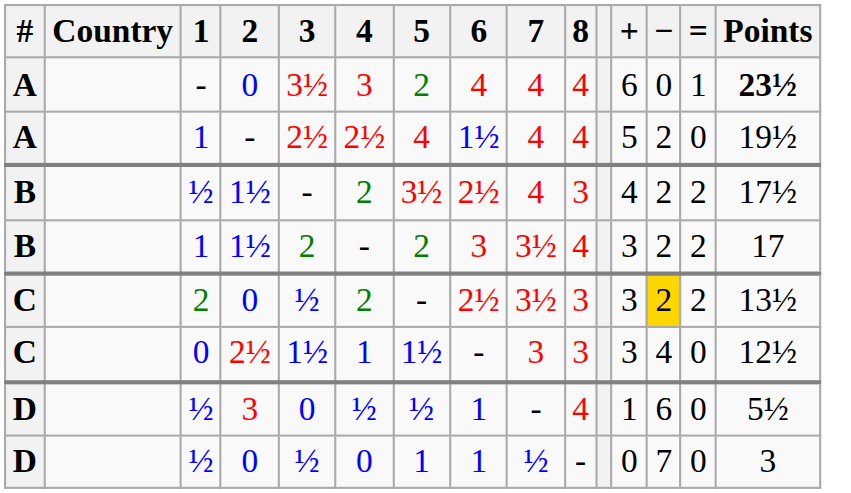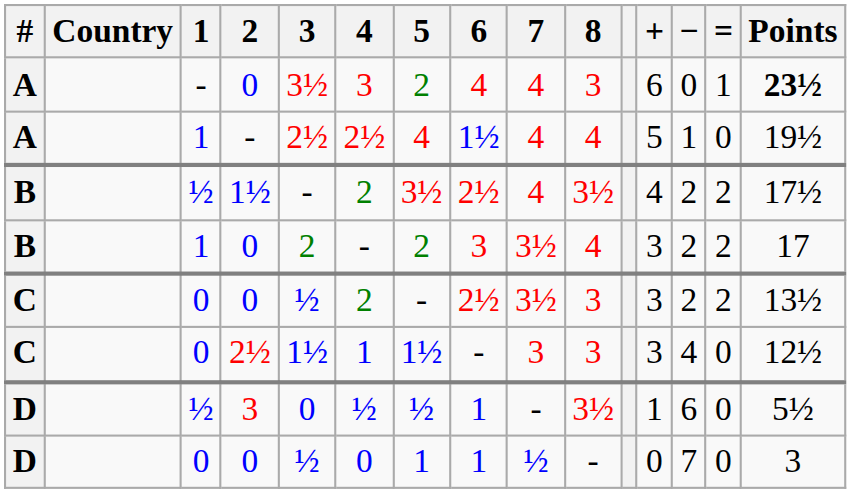 <table class="wikitable" style="text-align:center">
 <tr>
 <th>#</th>
 <th>Country</th>
 <th>1</th>
 <th>2</th>
 <th>3</th>
 <th>4</th>
 <th>5</th>
 <th>6</th>
 <th>7</th>
 <th>8</th>
 <th></th>
 <th>+</th>
 <th>−</th>
 <th>=</th>
 <th>Points</th>
 </tr>
 <tr>
 <th>A</th>
 <td style="text-align: left"></td>
 <td>-</td>
 <td style="color:blue;">0</td>
 <td style="color:red;">3½</td>
 <td style="color:red;">3</td>
 <td style="color:green;">2</td>
 <td style="color:red;">4</td>
 <td style="color:red;">4</td>
-<td style="color:red;">4</td>
+<td style="color:red;">3</td>
 <th></th>
 <td>6</td>
 <td>0</td>
 <td>1</td>
 <td><strong>23½</strong></td>
 </tr>
 <tr>
 <th>A</th>
 <td style="text-align: left"></td>
 <td style="color:blue;">1</td>
 <td>-</td>
 <td style="color:red;">2½</td>
 <td style="color:red;">2½</td>
 <td style="color:red;">4</td>
 <td style="color:blue;">1½</td>
 <td style="color:red;">4</td>
 <td style="color:red;">4</td>
 <th></th>
 <td>5</td>
-<td>2</td>
+<td>1</td>
 <td>0</td>
 <td>19½</td>
 </tr>
 <tr style="border-top:2px solid grey;">
 <th>B</th>
 <td style="text-align: left"></td>
 <td style="color:blue;">½</td>
 <td style="color:blue;">1½</td>
 <td>-</td>
 <td style="color:green;">2</td>
 <td style="color:red;">3½</td>
 <td style="color:red;">2½</td>
 <td style="color:red;">4</td>
-<td style="color:red;">3</td>
+<td style="color:red;">3½</td>
 <th></th>
 <td>4</td>
 <td>2</td>
 <td>2</td>
 <td>17½</td>
 </tr>
 <tr>
 <th>B</th>
 <td style="text-align: left"></td>
 <td style="color:blue;">1</td>
-<td style="color:blue;">1½</td>
+<td style="color:blue;">0</td>
 <td style="color:green;">2</td>
 <td>-</td>
 <td style="color:green;">2</td>
 <td style="color:red;">3</td>
 <td style="color:red;">3½</td>
 <td style="color:red;">4</td>
 <th></th>
 <td>3</td>
 <td>2</td>
 <td>2</td>
 <td>17</td>
 </tr>
 <tr style="border-top:2px solid grey;">
 <th>C</th>
 <td style="text-align: left"></td>
-<td style="color:green;">2</td>
+<td style="color:blue;">0</td>
 <td style="color:blue;">0</td>
 <td style="color:blue;">½</td>
 <td style="color:green;">2</td>
 <td>-</td>
 <td style="color:red;">2½</td>
 <td style="color:red;">3½</td>
 <td style="color:red;">3</td>
 <th></th>
 <td>3</td>
-<td style="background: gold;">2</td>
+<td>2</td>
 <td>2</td>
 <td>13½</td>
 </tr>
 <tr>
 <th>C</th>
 <td style="text-align: left"></td>
 <td style="color:blue;">0</td>
 <td style="color:red;">2½</td>
 <td style="color:blue;">1½</td>
 <td style="color:blue;">1</td>
 <td style="color:blue;">1½</td>
 <td>-</td>
 <td style="color:red;">3</td>
 <td style="color:red;">3</td>
 <th></th>
 <td>3</td>
 <td>4</td>
 <td>0</td>
 <td>12½</td>
 </tr>
 <tr style="border-top:2px solid grey;">
 <th>D</th>
 <td style="text-align: left"></td>
 <td style="color:blue;">½</td>
 <td style="color:red;">3</td>
 <td style="color:blue;">0</td>
 <td style="color:blue;">½</td>
 <td style="color:blue;">½</td>
 <td style="color:blue;">1</td>
 <td>-</td>
-<td style="color:red;">4</td>
+<td style="color:red;">3½</td>
 <th></th>
 <td>1</td>
 <td>6</td>
 <td>0</td>
 <td>5½</td>
 </tr>
 <tr>
 <th>D</th>
 <td style="text-align: left"></td>
-<td style="color:blue;">½</td>
+<td style="color:blue;">0</td>
 <td style="color:blue;">0</td>
 <td style="color:blue;">½</td>
 <td style="color:blue;">0</td>
 <td style="color:blue;">1</td>
 <td style="color:blue;">1</td>
 <td style="color:blue;">½</td>
 <td>-</td>
 <th></th>
 <td>0</td>
 <td>7</td>
 <td>0</td>
 <td>3</td>
 </tr>
 </table>
